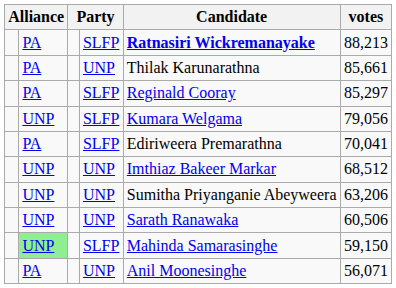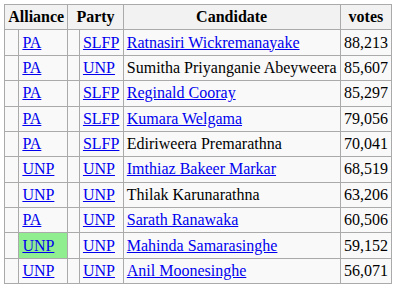 <table class="wikitable sortable mw-collapsible">
 <tr>
 <th colspan="2">Alliance</th>
 <th colspan="2">Party</th>
 <th>Candidate</th>
 <th>votes</th>
 </tr>
 <tr>
 <td bgcolor=> </td>
 <td align=left><a href='#'>PA</a></td>
 <td bgcolor=> </td>
 <td align=left><a href='#'>SLFP</a></td>
-<td><strong><a href='#'>Ratnasiri Wickremanayake</a></strong></td>
+<td><a href='#'>Ratnasiri Wickremanayake</a></td>
 <td>88,213</td>
 </tr>
 <tr>
 <td bgcolor=> </td>
 <td align=left><a href='#'>PA</a></td>
 <td bgcolor=> </td>
 <td align=left><a href='#'>UNP</a></td>
-<td>Thilak Karunarathna</td>
-<td>85,661</td>
+<td>Sumitha Priyanganie Abeyweera</td>
+<td>85,607</td>
 </tr>
 <tr>
 <td bgcolor=> </td>
 <td align=left><a href='#'>PA</a></td>
 <td bgcolor=> </td>
 <td align=left><a href='#'>SLFP</a></td>
 <td><a href='#'>Reginald Cooray</a></td>
 <td>85,297</td>
 </tr>
 <tr>
 <td bgcolor=> </td>
-<td align=left><a href='#'>UNP</a></td>
+<td align=left><a href='#'>PA</a></td>
 <td bgcolor=> </td>
 <td align=left><a href='#'>SLFP</a></td>
 <td><a href='#'>Kumara Welgama</a></td>
 <td>79,056</td>
 </tr>
 <tr>
 <td bgcolor=> </td>
 <td align=left><a href='#'>PA</a></td>
 <td bgcolor=> </td>
 <td align=left><a href='#'>SLFP</a></td>
 <td>Ediriweera Premarathna</td>
 <td>70,041</td>
 </tr>
 <tr>
 <td bgcolor=> </td>
 <td align=left><a href='#'>UNP</a></td>
 <td bgcolor=> </td>
 <td align=left><a href='#'>UNP</a></td>
 <td><a href='#'>Imthiaz Bakeer Markar</a></td>
-<td>68,512</td>
+<td>68,519</td>
 </tr>
 <tr>
 <td bgcolor=> </td>
 <td align=left><a href='#'>UNP</a></td>
 <td bgcolor=> </td>
 <td align=left><a href='#'>UNP</a></td>
-<td>Sumitha Priyanganie Abeyweera</td>
+<td>Thilak Karunarathna</td>
 <td>63,206</td>
 </tr>
 <tr>
 <td bgcolor=> </td>
-<td align=left><a href='#'>UNP</a></td>
+<td align=left><a href='#'>PA</a></td>
 <td bgcolor=> </td>
 <td align=left><a href='#'>UNP</a></td>
 <td><a href='#'>Sarath Ranawaka</a></td>
 <td>60,506</td>
 </tr>
 <tr>
 <td bgcolor=> </td>
 <td align=left style="background: lightgreen;"><a href='#'>UNP</a></td>
 <td bgcolor=> </td>
-<td align=left><a href='#'>SLFP</a></td>
+<td align=left><a href='#'>UNP</a></td>
 <td><a href='#'>Mahinda Samarasinghe</a></td>
-<td>59,150</td>
+<td>59,152</td>
 </tr>
 <tr>
 <td bgcolor=> </td>
-<td align=left><a href='#'>PA</a></td>
+<td align=left><a href='#'>UNP</a></td>
 <td bgcolor=> </td>
 <td align=left><a href='#'>UNP</a></td>
 <td><a href='#'>Anil Moonesinghe</a></td>
 <td>56,071</td>
 </tr>
 </table>
